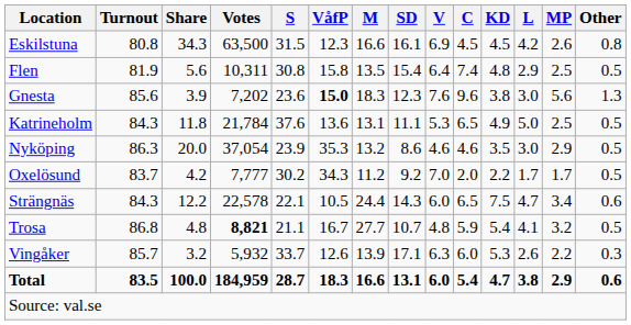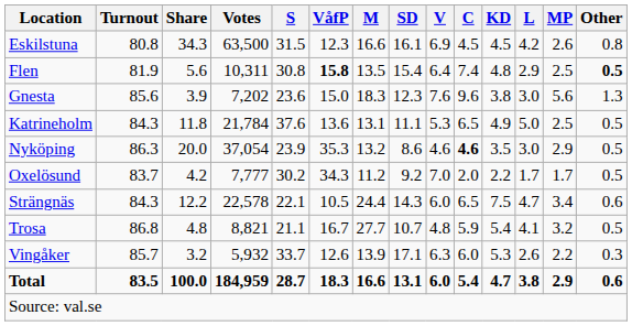 <table class="wikitable sortable" style=text-align:right>
 <tr>
 <th>Location</th>
 <th>Turnout</th>
 <th>Share</th>
 <th>Votes</th>
 <th><a href='#'>S</a></th>
 <th><a href='#'>VåfP</a></th>
 <th><a href='#'>M</a></th>
 <th><a href='#'>SD</a></th>
 <th><a href='#'>V</a></th>
 <th><a href='#'>C</a></th>
 <th><a href='#'>KD</a></th>
 <th><a href='#'>L</a></th>
 <th><a href='#'>MP</a></th>
 <th>Other</th>
 </tr>
 <tr>
 <td align=left><a href='#'>Eskilstuna</a></td>
 <td>80.8</td>
 <td>34.3</td>
 <td>63,500</td>
 <td>31.5</td>
 <td>12.3</td>
 <td>16.6</td>
 <td>16.1</td>
 <td>6.9</td>
 <td>4.5</td>
 <td>4.5</td>
 <td>4.2</td>
 <td>2.6</td>
 <td>0.8</td>
 </tr>
 <tr>
 <td align=left><a href='#'>Flen</a></td>
 <td>81.9</td>
 <td>5.6</td>
 <td>10,311</td>
 <td>30.8</td>
-<td>15.8</td>
+<td><strong>15.8</strong></td>
 <td>13.5</td>
 <td>15.4</td>
 <td>6.4</td>
 <td>7.4</td>
 <td>4.8</td>
 <td>2.9</td>
 <td>2.5</td>
-<td>0.5</td>
+<td><strong>0.5</strong></td>
 </tr>
 <tr>
 <td align=left><a href='#'>Gnesta</a></td>
 <td>85.6</td>
 <td>3.9</td>
 <td>7,202</td>
 <td>23.6</td>
-<td><strong>15.0</strong></td>
+<td>15.0</td>
 <td>18.3</td>
 <td>12.3</td>
 <td>7.6</td>
 <td>9.6</td>
 <td>3.8</td>
 <td>3.0</td>
 <td>5.6</td>
 <td>1.3</td>
 </tr>
 <tr>
 <td align=left><a href='#'>Katrineholm</a></td>
 <td>84.3</td>
 <td>11.8</td>
 <td>21,784</td>
 <td>37.6</td>
 <td>13.6</td>
 <td>13.1</td>
 <td>11.1</td>
 <td>5.3</td>
 <td>6.5</td>
 <td>4.9</td>
 <td>5.0</td>
 <td>2.5</td>
 <td>0.5</td>
 </tr>
 <tr>
 <td align=left><a href='#'>Nyköping</a></td>
 <td>86.3</td>
 <td>20.0</td>
 <td>37,054</td>
 <td>23.9</td>
 <td>35.3</td>
 <td>13.2</td>
 <td>8.6</td>
 <td>4.6</td>
-<td>4.6</td>
+<td><strong>4.6</strong></td>
 <td>3.5</td>
 <td>3.0</td>
 <td>2.9</td>
 <td>0.5</td>
 </tr>
 <tr>
 <td align=left><a href='#'>Oxelösund</a></td>
 <td>83.7</td>
 <td>4.2</td>
 <td>7,777</td>
 <td>30.2</td>
 <td>34.3</td>
 <td>11.2</td>
 <td>9.2</td>
 <td>7.0</td>
 <td>2.0</td>
 <td>2.2</td>
 <td>1.7</td>
 <td>1.7</td>
 <td>0.5</td>
 </tr>
 <tr>
 <td align=left><a href='#'>Strängnäs</a></td>
 <td>84.3</td>
 <td>12.2</td>
 <td>22,578</td>
 <td>22.1</td>
 <td>10.5</td>
 <td>24.4</td>
 <td>14.3</td>
 <td>6.0</td>
 <td>6.5</td>
 <td>7.5</td>
 <td>4.7</td>
 <td>3.4</td>
 <td>0.6</td>
 </tr>
 <tr>
 <td align=left><a href='#'>Trosa</a></td>
 <td>86.8</td>
 <td>4.8</td>
-<td><strong>8,821</strong></td>
+<td>8,821</td>
 <td>21.1</td>
 <td>16.7</td>
 <td>27.7</td>
 <td>10.7</td>
 <td>4.8</td>
 <td>5.9</td>
 <td>5.4</td>
 <td>4.1</td>
 <td>3.2</td>
 <td>0.5</td>
 </tr>
 <tr>
 <td align=left><a href='#'>Vingåker</a></td>
 <td>85.7</td>
 <td>3.2</td>
 <td>5,932</td>
 <td>33.7</td>
 <td>12.6</td>
 <td>13.9</td>
 <td>17.1</td>
 <td>6.3</td>
 <td>6.0</td>
 <td>5.3</td>
 <td>2.6</td>
 <td>2.2</td>
 <td>0.3</td>
 </tr>
 <tr>
 <td align=left><strong>Total</strong></td>
 <td><strong>83.5</strong></td>
 <td><strong>100.0</strong></td>
 <td><strong>184,959</strong></td>
 <td><strong>28.7</strong></td>
 <td><strong>18.3</strong></td>
 <td><strong>16.6</strong></td>
 <td><strong>13.1</strong></td>
 <td><strong>6.0</strong></td>
 <td><strong>5.4</strong></td>
 <td><strong>4.7</strong></td>
 <td><strong>3.8</strong></td>
 <td><strong>2.9</strong></td>
 <td><strong>0.6</strong></td>
 </tr>
 <tr>
 <td align=left colspan=16>Source: val.se </td>
 </tr>
 </table>
